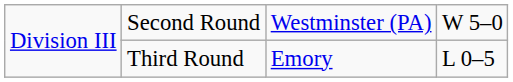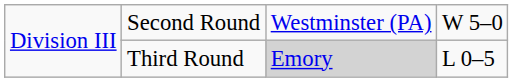 <table class="wikitable">
 <tr>
 <td rowspan="5"><a href='#'>Division III</a></td>
 <td>Second Round</td>
 <td><a href='#'>Westminster (PA)</a></td>
 <td>W 5–0</td>
 </tr>
 <tr>
 <td>Third Round</td>
-<td><a href='#'>Emory</a></td>
+<td style="background: lightgrey;"><a href='#'>Emory</a></td>
 <td>L 0–5</td>
 </tr>
 </table>
